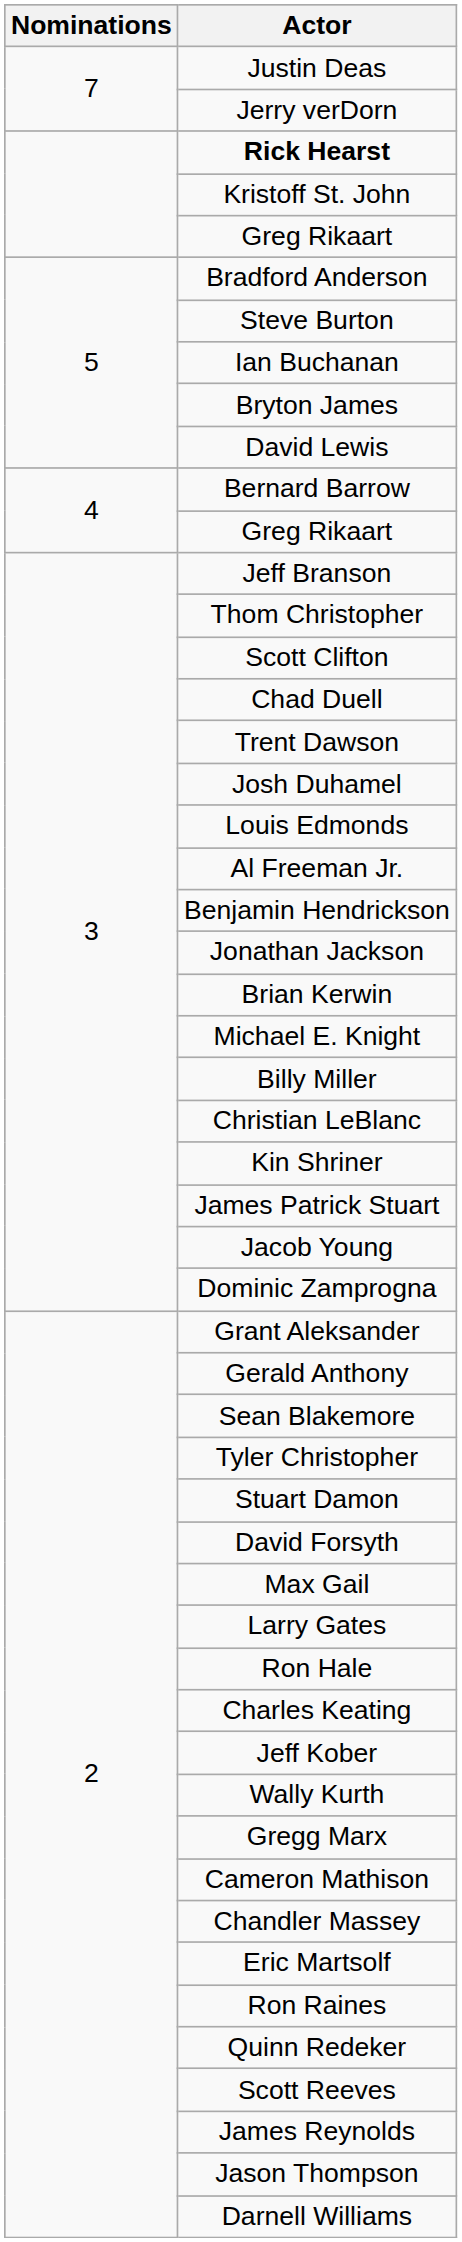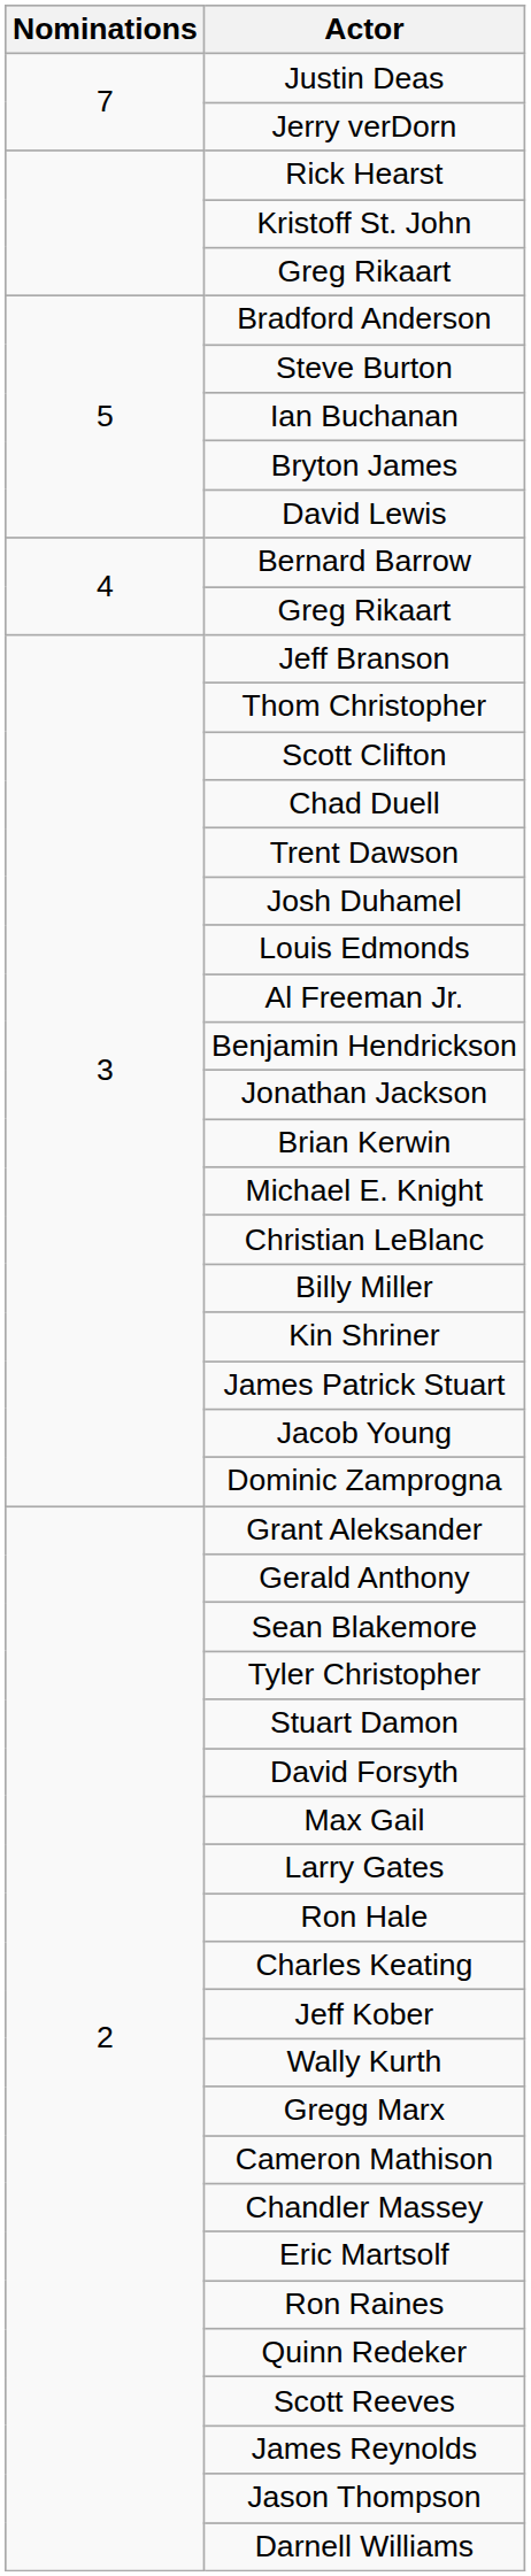 <table class="wikitable" style="text-align: center;">
 <tr>
 <th scope="col" width="55">Nominations</th>
 <th scope="col" align="center">Actor</th>
 </tr>
 <tr>
 <td scope="row" rowspan=2 style="text-align:center">7</td>
 <td>Justin Deas</td>
 </tr>
 <tr>
 <td>Jerry verDorn</td>
 </tr>
 <tr>
 <td scope="row"  rowspan=3 style="text-align:center"></td>
-<td><strong>Rick Hearst</strong></td>
+<td>Rick Hearst</td>
 </tr>
 <tr>
 <td>Kristoff St. John</td>
 </tr>
 <tr>
 <td>Greg Rikaart</td>
 </tr>
 <tr>
 <td scope="row" rowspan=5 style="text-align:center">5</td>
 <td>Bradford Anderson</td>
 </tr>
 <tr>
 <td>Steve Burton</td>
 </tr>
 <tr>
 <td>Ian Buchanan</td>
 </tr>
 <tr>
 <td>Bryton James</td>
 </tr>
 <tr>
 <td>David Lewis</td>
 </tr>
 <tr>
 <td scope="row" rowspan=2 style="text-align:center">4</td>
 <td>Bernard Barrow</td>
 </tr>
 <tr>
 <td>Greg Rikaart</td>
 </tr>
 <tr>
 <td scope="row" rowspan=18 style="text-align:center">3</td>
 <td>Jeff Branson</td>
 </tr>
 <tr>
 <td>Thom Christopher</td>
 </tr>
 <tr>
 <td>Scott Clifton</td>
 </tr>
 <tr>
 <td>Chad Duell</td>
 </tr>
 <tr>
 <td>Trent Dawson</td>
 </tr>
 <tr>
 <td>Josh Duhamel</td>
 </tr>
 <tr>
 <td>Louis Edmonds</td>
 </tr>
 <tr>
 <td>Al Freeman Jr.</td>
 </tr>
 <tr>
 <td>Benjamin Hendrickson</td>
 </tr>
 <tr>
 <td>Jonathan Jackson</td>
 </tr>
 <tr>
 <td>Brian Kerwin</td>
 </tr>
 <tr>
 <td>Michael E. Knight</td>
 </tr>
 <tr>
-<td>Billy Miller</td>
+<td>Christian LeBlanc</td>
 </tr>
 <tr>
-<td>Christian LeBlanc</td>
+<td>Billy Miller</td>
 </tr>
 <tr>
 <td>Kin Shriner</td>
 </tr>
 <tr>
 <td>James Patrick Stuart</td>
 </tr>
 <tr>
 <td>Jacob Young</td>
 </tr>
 <tr>
 <td>Dominic Zamprogna</td>
 </tr>
 <tr>
 <td scope="row" rowspan=23 style="text-align:center">2</td>
 <td>Grant Aleksander</td>
 </tr>
 <tr>
 <td>Gerald Anthony</td>
 </tr>
 <tr>
 <td>Sean Blakemore</td>
 </tr>
 <tr>
 <td>Tyler Christopher</td>
 </tr>
 <tr>
 <td>Stuart Damon</td>
 </tr>
 <tr>
 <td>David Forsyth</td>
 </tr>
 <tr>
 <td>Max Gail</td>
 </tr>
 <tr>
 <td>Larry Gates</td>
 </tr>
 <tr>
 <td>Ron Hale</td>
 </tr>
 <tr>
 <td>Charles Keating</td>
 </tr>
 <tr>
 <td>Jeff Kober</td>
 </tr>
 <tr>
 <td>Wally Kurth</td>
 </tr>
 <tr>
 <td>Gregg Marx</td>
 </tr>
 <tr>
 <td>Cameron Mathison</td>
 </tr>
 <tr>
 <td>Chandler Massey</td>
 </tr>
 <tr>
 <td>Eric Martsolf</td>
 </tr>
 <tr>
 <td>Ron Raines</td>
 </tr>
 <tr>
 <td>Quinn Redeker</td>
 </tr>
 <tr>
 <td>Scott Reeves</td>
 </tr>
 <tr>
 <td>James Reynolds</td>
 </tr>
 <tr>
 <td>Jason Thompson</td>
 </tr>
 <tr>
 <td>Darnell Williams</td>
 </tr>
 </table>
